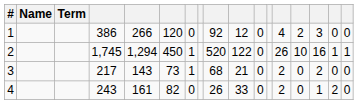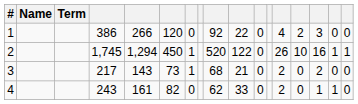 <table class="wikitable sortable" style="text-align:center;">
 <tr>
 <th scope="col">#</th>
 <th scope="col">Name</th>
 <th scope="col">Term</th>
 <th scope="col"></th>
 <th scope="col"></th>
 <th scope="col"></th>
 <th scope="col"></th>
 <th scope="col"></th>
 <th scope="col"></th>
 <th scope="col"></th>
 <th scope="col"></th>
 <th scope="col"></th>
 <th scope="col"></th>
 <th scope="col"></th>
 <th scope="col"></th>
 <th scope="col"></th>
 <th scope="col"></th>
 </tr>
 <tr>
 <td scope="row">1</td>
 <td></td>
 <td></td>
 <td>386</td>
 <td>266</td>
 <td>120</td>
 <td>0</td>
 <td></td>
 <td>92</td>
-<td>12</td>
+<td>22</td>
 <td>0</td>
 <td></td>
 <td>4</td>
 <td>2</td>
 <td>3</td>
 <td>0</td>
 <td>0</td>
 </tr>
 <tr>
 <td scope="row">2</td>
 <td></td>
 <td></td>
 <td>1,745</td>
 <td>1,294</td>
 <td>450</td>
 <td>1</td>
 <td></td>
 <td>520</td>
 <td>122</td>
 <td>0</td>
 <td></td>
 <td>26</td>
 <td>10</td>
 <td>16</td>
 <td>1</td>
 <td>1</td>
 </tr>
 <tr>
 <td scope="row">3</td>
 <td></td>
 <td></td>
 <td>217</td>
 <td>143</td>
 <td>73</td>
 <td>1</td>
 <td></td>
 <td>68</td>
 <td>21</td>
 <td>0</td>
 <td></td>
 <td>2</td>
 <td>0</td>
 <td>2</td>
 <td>0</td>
 <td>0</td>
 </tr>
 <tr>
 <td scope="row">4</td>
 <td></td>
 <td></td>
 <td>243</td>
 <td>161</td>
 <td>82</td>
 <td>0</td>
 <td></td>
-<td>26</td>
+<td>62</td>
 <td>33</td>
 <td>0</td>
 <td></td>
 <td>2</td>
 <td>0</td>
 <td>1</td>
-<td>2</td>
+<td>1</td>
 <td>0</td>
 </tr>
 </table>
